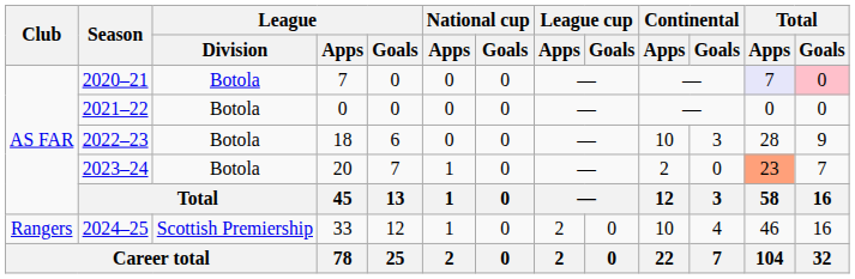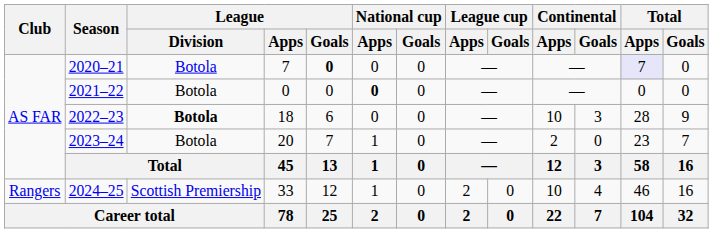 <table class="wikitable" style="text-align:center">
 <tr>
 <th rowspan="2">Club</th>
 <th rowspan="2">Season</th>
 <th colspan="3">League</th>
 <th colspan="2">National cup</th>
 <th colspan="2">League cup</th>
 <th colspan="2">Continental</th>
 <th colspan="2">Total</th>
 </tr>
 <tr>
 <th>Division</th>
 <th>Apps</th>
 <th>Goals</th>
 <th>Apps</th>
 <th>Goals</th>
 <th>Apps</th>
 <th>Goals</th>
 <th>Apps</th>
 <th>Goals</th>
 <th>Apps</th>
 <th>Goals</th>
 </tr>
 <tr>
 <td rowspan="5"><a href='#'>AS FAR</a></td>
 <td><a href='#'>2020–21</a></td>
 <td><a href='#'>Botola</a></td>
 <td>7</td>
-<td>0</td>
+<td><strong>0</strong></td>
 <td>0</td>
 <td>0</td>
 <td colspan="2">—</td>
 <td colspan="2">—</td>
 <td style="background: lavender;">7</td>
-<td style="background: pink;">0</td>
+<td>0</td>
 </tr>
 <tr>
 <td><a href='#'>2021–22</a></td>
 <td>Botola</td>
 <td>0</td>
 <td>0</td>
-<td>0</td>
+<td><strong>0</strong></td>
 <td>0</td>
 <td colspan="2">—</td>
 <td colspan="2">—</td>
 <td>0</td>
 <td>0</td>
 </tr>
 <tr>
 <td><a href='#'>2022–23</a></td>
-<td>Botola</td>
+<td><strong>Botola</strong></td>
 <td>18</td>
 <td>6</td>
 <td>0</td>
 <td>0</td>
 <td colspan="2">—</td>
 <td>10</td>
 <td>3</td>
 <td>28</td>
 <td>9</td>
 </tr>
 <tr>
 <td><a href='#'>2023–24</a></td>
 <td>Botola</td>
 <td>20</td>
 <td>7</td>
 <td>1</td>
 <td>0</td>
 <td colspan="2">—</td>
 <td>2</td>
 <td>0</td>
-<td style="background: lightsalmon;">23</td>
+<td>23</td>
 <td>7</td>
 </tr>
 <tr>
 <th colspan="2">Total</th>
 <th>45</th>
 <th>13</th>
 <th>1</th>
 <th>0</th>
 <th colspan="2">—</th>
 <th>12</th>
 <th>3</th>
 <th>58</th>
 <th>16</th>
 </tr>
 <tr>
 <td><a href='#'>Rangers</a></td>
 <td><a href='#'>2024–25</a></td>
 <td><a href='#'>Scottish Premiership</a></td>
 <td>33</td>
 <td>12</td>
 <td>1</td>
 <td>0</td>
 <td>2</td>
 <td>0</td>
 <td>10</td>
 <td>4</td>
 <td>46</td>
 <td>16</td>
 </tr>
 <tr>
 <th colspan="3">Career total</th>
 <th>78</th>
 <th>25</th>
 <th>2</th>
 <th>0</th>
 <th>2</th>
 <th>0</th>
 <th>22</th>
 <th>7</th>
 <th>104</th>
 <th>32</th>
 </tr>
 </table>
